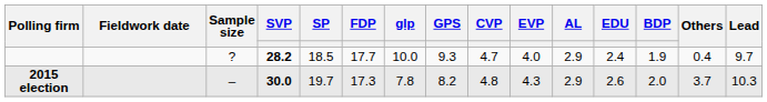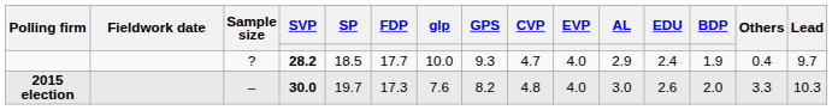 <table class="wikitable sortable" style="text-align:center;font-size:90%;line-height:14px;">
 <tr style="height:40px;">
 <th style="width:80px;" rowspan="2">Polling firm</th>
 <th style="width:130px;" rowspan="2">Fieldwork date</th>
 <th style="width:35px;" rowspan="2">Sample<br>size</th>
 <th class="unsortable" style="width:40px;"><a href='#'>SVP</a></th>
 <th class="unsortable" style="width:40px;"><a href='#'>SP</a></th>
 <th class="unsortable" style="width:40px;"><a href='#'>FDP</a></th>
 <th class="unsortable" style="width:40px;"><a href='#'>glp</a></th>
 <th class="unsortable" style="width:40px;"><a href='#'>GPS</a></th>
 <th class="unsortable" style="width:40px;"><a href='#'>CVP</a></th>
 <th class="unsortable" style="width:40px;"><a href='#'>EVP</a></th>
 <th class="unsortable" style="width:40px;"><a href='#'>AL</a></th>
 <th class="unsortable" style="width:40px;"><a href='#'>EDU</a></th>
 <th class="unsortable" style="width:40px;"><a href='#'>BDP</a></th>
 <th class="unsortable" style="width:30px;" rowspan="2">Others</th>
 <th style="width:30px;" rowspan="2">Lead</th>
 </tr>
 <tr>
 <th style="background:"></th>
 <th style="background:"></th>
 <th style="background:"></th>
 <th style="background:"></th>
 <th style="background:"></th>
 <th style="background:"></th>
 <th style="background:"></th>
 <th style="background:"></th>
 <th style="background:"></th>
 <th style="background:"></th>
 </tr>
 <tr>
 <td></td>
 <td></td>
 <td>?</td>
 <td style="background:#"><strong>28.2</strong></td>
 <td>18.5</td>
 <td>17.7</td>
 <td>10.0</td>
 <td>9.3</td>
 <td>4.7</td>
 <td>4.0</td>
 <td>2.9</td>
 <td>2.4</td>
 <td>1.9</td>
 <td>0.4</td>
 <td style="background:">9.7</td>
 </tr>
 <tr style="background:#E9E9E9;">
 <td><strong>2015 election</strong></td>
 <td></td>
 <td>–</td>
 <td style="background:#"><strong>30.0</strong></td>
 <td>19.7</td>
 <td>17.3</td>
-<td>7.8</td>
+<td>7.6</td>
 <td>8.2</td>
 <td>4.8</td>
-<td>4.3</td>
-<td>2.9</td>
+<td>4.0</td>
+<td>3.0</td>
 <td>2.6</td>
 <td>2.0</td>
-<td>3.7</td>
+<td>3.3</td>
 <td style="background:">10.3</td>
 </tr>
 </table>
